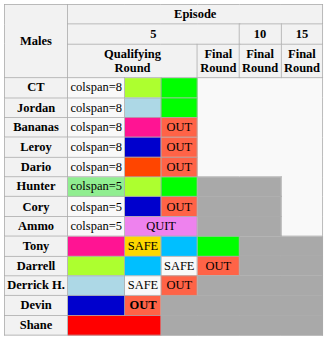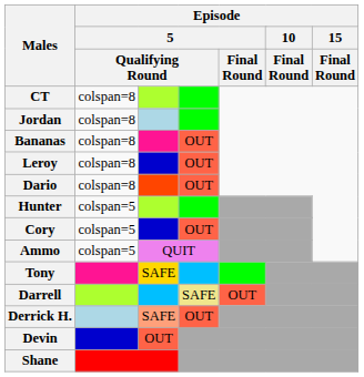 <table class="wikitable" style="text-align:center">
 <tr>
 <th rowspan="3">Males</th>
 <th colspan="10">Episode</th>
 </tr>
 <tr>
 <th colspan="5">5</th>
 <th colspan=3>10</th>
 <th colspan=2>15</th>
 </tr>
 <tr>
 <th colspan=3>Qualifying<br> Round</th>
 <th colspan=2>Final<br>Round</th>
 <th colspan=3>Final<br>Round</th>
 <th colspan=2>Final<br>Round</th>
 </tr>
 <tr>
 <th>CT</th>
 <td>colspan=8 </td>
 <td bgcolor="greenyellow"></td>
 <td bgcolor="lime"></td>
 </tr>
 <tr>
 <th>Jordan</th>
 <td>colspan=8 </td>
 <td bgcolor="lightblue"></td>
 <td bgcolor="lime"></td>
 </tr>
 <tr>
 <th>Bananas</th>
 <td>colspan=8 </td>
 <td bgcolor="deeppink"></td>
 <td bgcolor="tomato">OUT</td>
 </tr>
 <tr>
 <th>Leroy</th>
 <td>colspan=8 </td>
 <td bgcolor="mediumblue"></td>
 <td bgcolor="tomato">OUT</td>
 </tr>
 <tr>
 <th>Dario</th>
 <td>colspan=8 </td>
 <td bgcolor="orangered"></td>
 <td bgcolor="tomato">OUT</td>
 </tr>
 <tr>
 <th>Hunter</th>
-<td style="background: lightgreen;">colspan=5 </td>
+<td>colspan=5 </td>
 <td bgcolor="greenyellow"></td>
 <td bgcolor="lime"></td>
 <td bgcolor="darkgray" colspan="3"></td>
 </tr>
 <tr>
 <th>Cory</th>
 <td>colspan=5 </td>
 <td bgcolor="mediumblue"></td>
 <td bgcolor="tomato">OUT</td>
 <td bgcolor="darkgray" colspan="4"></td>
 </tr>
 <tr>
 <th>Ammo</th>
 <td>colspan=5 </td>
 <td colspan=2 bgcolor="violet">QUIT</td>
 <td bgcolor="darkgray" colspan="4"></td>
 </tr>
 <tr>
 <th>Tony</th>
 <td bgcolor="deeppink"></td>
 <td style="background: gold;">SAFE</td>
 <td bgcolor="deepskyblue"></td>
 <td bgcolor="lime"></td>
 <td bgcolor="darkgray" colspan="6"></td>
 </tr>
 <tr>
 <th>Darrell</th>
 <td bgcolor="greenyellow"></td>
 <td bgcolor="deepskyblue"></td>
-<td>SAFE</td>
+<td style="background: khaki;">SAFE</td>
 <td bgcolor="tomato">OUT</td>
 <td bgcolor="darkgray" colspan="7"></td>
 </tr>
 <tr>
 <th nowrap>Derrick H.</th>
 <td bgcolor="lightblue"></td>
-<td>SAFE</td>
+<td style="background: lightsalmon;">SAFE</td>
 <td bgcolor="tomato">OUT</td>
 <td bgcolor="darkgray" colspan="8"></td>
 </tr>
 <tr>
 <th>Devin</th>
 <td bgcolor="mediumblue"></td>
-<td bgcolor="tomato"><strong>OUT</strong></td>
+<td bgcolor="tomato">OUT</td>
 <td bgcolor="darkgray" colspan="9"></td>
 </tr>
 <tr>
 <th>Shane</th>
 <td colspan=2 bgcolor="red"></td>
 <td bgcolor="darkgray" colspan="9"></td>
 </tr>
 </table>
